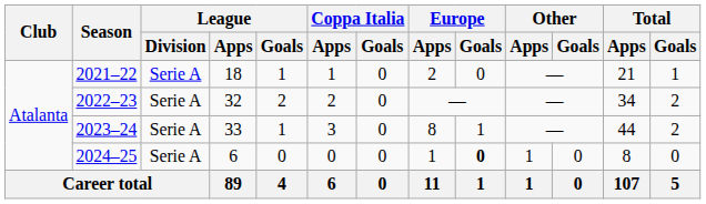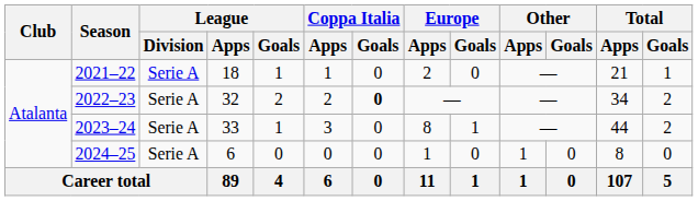 <table class="wikitable" style="text-align:center">
 <tr>
 <th rowspan="2">Club</th>
 <th rowspan="2">Season</th>
 <th colspan="3">League</th>
 <th colspan="2"><a href='#'>Coppa Italia</a></th>
 <th colspan="2"><a href='#'>Europe</a></th>
 <th colspan="2">Other</th>
 <th colspan="2">Total</th>
 </tr>
 <tr>
 <th>Division</th>
 <th>Apps</th>
 <th>Goals</th>
 <th>Apps</th>
 <th>Goals</th>
 <th>Apps</th>
 <th>Goals</th>
 <th>Apps</th>
 <th>Goals</th>
 <th>Apps</th>
 <th>Goals</th>
 </tr>
 <tr>
 <td rowspan="4"><a href='#'>Atalanta</a></td>
 <td><a href='#'>2021–22</a></td>
 <td><a href='#'>Serie A</a></td>
 <td>18</td>
 <td>1</td>
 <td>1</td>
 <td>0</td>
 <td>2</td>
 <td>0</td>
 <td colspan="2">—</td>
 <td>21</td>
 <td>1</td>
 </tr>
 <tr>
 <td><a href='#'>2022–23</a></td>
 <td>Serie A</td>
 <td>32</td>
 <td>2</td>
 <td>2</td>
-<td>0</td>
+<td><strong>0</strong></td>
 <td colspan="2">—</td>
 <td colspan="2">—</td>
 <td>34</td>
 <td>2</td>
 </tr>
 <tr>
 <td><a href='#'>2023–24</a></td>
 <td>Serie A</td>
 <td>33</td>
 <td>1</td>
 <td>3</td>
 <td>0</td>
 <td>8</td>
 <td>1</td>
 <td colspan="2">—</td>
 <td>44</td>
 <td>2</td>
 </tr>
 <tr>
 <td><a href='#'>2024–25</a></td>
 <td>Serie A</td>
 <td>6</td>
 <td>0</td>
 <td>0</td>
 <td>0</td>
 <td>1</td>
-<td><strong>0</strong></td>
+<td>0</td>
 <td>1</td>
 <td>0</td>
 <td>8</td>
 <td>0</td>
 </tr>
 <tr>
 <th colspan="3">Career total</th>
 <th>89</th>
 <th>4</th>
 <th>6</th>
 <th>0</th>
 <th>11</th>
 <th>1</th>
 <th>1</th>
 <th>0</th>
 <th>107</th>
 <th>5</th>
 </tr>
 </table>
